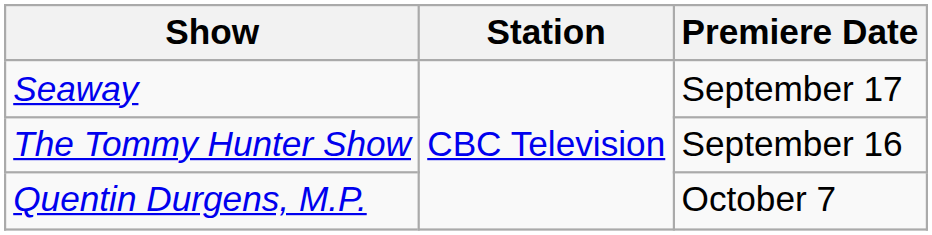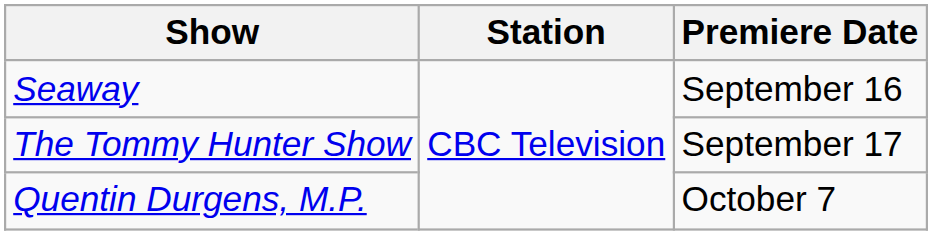 <table class="wikitable">
 <tr>
 <th>Show</th>
 <th>Station</th>
 <th>Premiere Date</th>
 </tr>
 <tr>
 <td><em><a href='#'>Seaway</a></em></td>
 <td rowspan="3"><a href='#'>CBC Television</a></td>
-<td>September 17</td>
+<td>September 16</td>
 </tr>
 <tr>
 <td><em><a href='#'>The Tommy Hunter Show</a></em></td>
-<td>September 16</td>
+<td>September 17</td>
 </tr>
 <tr>
 <td><em><a href='#'>Quentin Durgens, M.P.</a></em></td>
 <td>October 7</td>
 </tr>
 </table>
